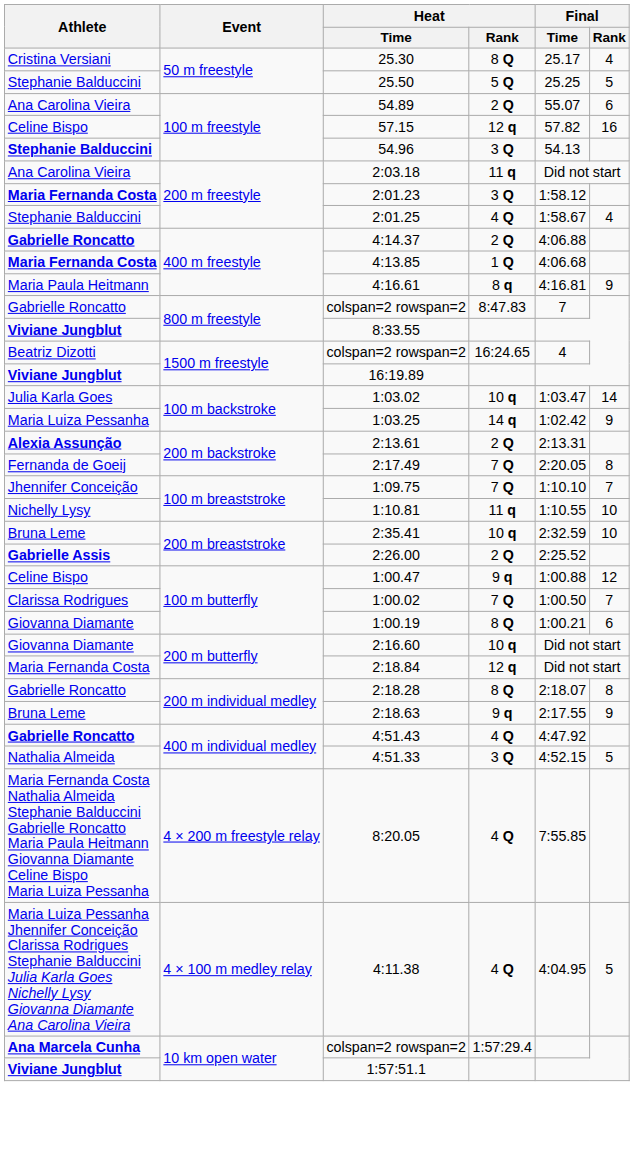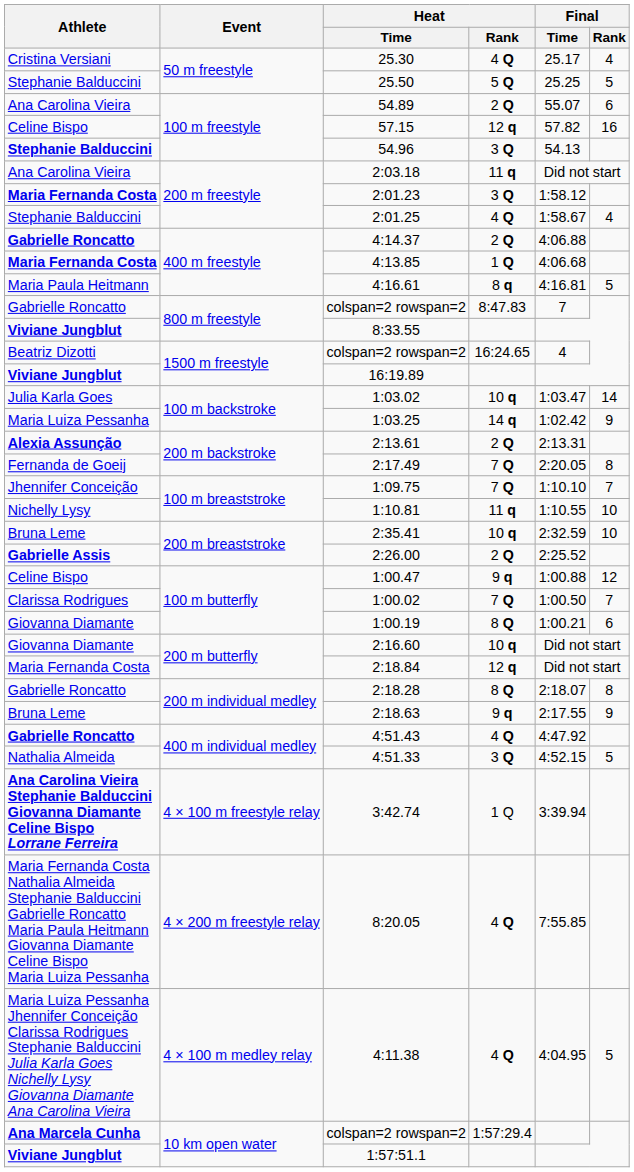 <table class=wikitable style=font-size:90%;text-align:center>
 <tr>
 <th rowspan=2>Athlete</th>
 <th rowspan=2>Event</th>
 <th colspan=2>Heat</th>
 <th colspan=2>Final</th>
 </tr>
 <tr style=font-size:95%>
 <th>Time</th>
 <th>Rank</th>
 <th>Time</th>
 <th>Rank</th>
 </tr>
 <tr>
 <td align=left><a href='#'>Cristina Versiani</a></td>
 <td align=left rowspan=2><a href='#'>50 m freestyle</a></td>
 <td>25.30</td>
-<td>8 <strong>Q</strong></td>
+<td>4 <strong>Q</strong></td>
 <td>25.17</td>
 <td>4</td>
 </tr>
 <tr>
 <td align=left><a href='#'>Stephanie Balduccini</a></td>
 <td>25.50</td>
 <td>5 <strong>Q</strong></td>
 <td>25.25</td>
 <td>5</td>
 </tr>
 <tr>
 <td align=left><a href='#'>Ana Carolina Vieira</a></td>
 <td align=left rowspan=3><a href='#'>100 m freestyle</a></td>
 <td>54.89</td>
 <td>2 <strong>Q</strong></td>
 <td>55.07</td>
 <td>6</td>
 </tr>
 <tr>
 <td align=left><a href='#'>Celine Bispo</a></td>
 <td>57.15</td>
 <td>12 <strong>q</strong></td>
 <td>57.82</td>
 <td>16</td>
 </tr>
 <tr>
 <td align=left><strong><a href='#'>Stephanie Balduccini</a></strong></td>
 <td>54.96</td>
 <td>3 <strong>Q</strong></td>
 <td>54.13</td>
 <td></td>
 </tr>
 <tr>
 <td align=left><a href='#'>Ana Carolina Vieira</a></td>
 <td align=left rowspan=3><a href='#'>200 m freestyle</a></td>
 <td>2:03.18</td>
 <td>11 <strong>q</strong></td>
 <td colspan=2>Did not start</td>
 </tr>
 <tr>
 <td align=left><strong><a href='#'>Maria Fernanda Costa</a></strong></td>
 <td>2:01.23</td>
 <td>3 <strong>Q</strong></td>
 <td>1:58.12</td>
 <td></td>
 </tr>
 <tr>
 <td align=left><a href='#'>Stephanie Balduccini</a></td>
 <td>2:01.25</td>
 <td>4 <strong>Q</strong></td>
 <td>1:58.67</td>
 <td>4</td>
 </tr>
 <tr>
 <td align=left><strong><a href='#'>Gabrielle Roncatto</a></strong></td>
 <td align=left rowspan=3><a href='#'>400 m freestyle</a></td>
 <td>4:14.37</td>
 <td>2 <strong>Q</strong></td>
 <td>4:06.88</td>
 <td></td>
 </tr>
 <tr>
 <td align=left><strong><a href='#'>Maria Fernanda Costa</a></strong></td>
 <td>4:13.85</td>
 <td>1 <strong>Q</strong></td>
 <td>4:06.68</td>
 <td></td>
 </tr>
 <tr>
 <td align=left><a href='#'>Maria Paula Heitmann</a></td>
 <td>4:16.61</td>
 <td>8 <strong>q</strong></td>
 <td>4:16.81</td>
-<td>9</td>
+<td>5</td>
 </tr>
 <tr>
 <td align=left><a href='#'>Gabrielle Roncatto</a></td>
 <td align=left rowspan=2><a href='#'>800 m freestyle</a></td>
 <td>colspan=2 rowspan=2 </td>
 <td>8:47.83</td>
 <td>7</td>
 </tr>
 <tr>
 <td align=left><strong><a href='#'>Viviane Jungblut</a></strong></td>
 <td>8:33.55</td>
 <td></td>
 </tr>
 <tr>
 <td align=left><a href='#'>Beatriz Dizotti</a></td>
 <td align=left rowspan=2><a href='#'>1500 m freestyle</a></td>
 <td>colspan=2 rowspan=2 </td>
 <td>16:24.65</td>
 <td>4</td>
 </tr>
 <tr>
 <td align=left><strong><a href='#'>Viviane Jungblut</a></strong></td>
 <td>16:19.89</td>
 <td></td>
 </tr>
 <tr>
 <td align=left><a href='#'>Julia Karla Goes</a></td>
 <td align=left rowspan=2><a href='#'>100 m backstroke</a></td>
 <td>1:03.02</td>
 <td>10 <strong>q</strong></td>
 <td>1:03.47</td>
 <td>14</td>
 </tr>
 <tr>
 <td align=left><a href='#'>Maria Luiza Pessanha</a></td>
 <td>1:03.25</td>
 <td>14 <strong>q</strong></td>
 <td>1:02.42</td>
 <td>9</td>
 </tr>
 <tr>
 <td align=left><strong><a href='#'>Alexia Assunção</a></strong></td>
 <td align=left rowspan=2><a href='#'>200 m backstroke</a></td>
 <td>2:13.61</td>
 <td>2 <strong>Q</strong></td>
 <td>2:13.31</td>
 <td></td>
 </tr>
 <tr>
 <td align=left><a href='#'>Fernanda de Goeij</a></td>
 <td>2:17.49</td>
 <td>7 <strong>Q</strong></td>
 <td>2:20.05</td>
 <td>8</td>
 </tr>
 <tr>
 <td align=left><a href='#'>Jhennifer Conceição</a></td>
 <td align=left rowspan=2><a href='#'>100 m breaststroke</a></td>
 <td>1:09.75</td>
 <td>7 <strong>Q</strong></td>
 <td>1:10.10</td>
 <td>7</td>
 </tr>
 <tr>
 <td align=left><a href='#'>Nichelly Lysy</a></td>
 <td>1:10.81</td>
 <td>11 <strong>q</strong></td>
 <td>1:10.55</td>
 <td>10</td>
 </tr>
 <tr>
 <td align=left><a href='#'>Bruna Leme</a></td>
 <td align=left rowspan=2><a href='#'>200 m breaststroke</a></td>
 <td>2:35.41</td>
 <td>10 <strong>q</strong></td>
 <td>2:32.59</td>
 <td>10</td>
 </tr>
 <tr>
 <td align=left><strong><a href='#'>Gabrielle Assis</a></strong></td>
 <td>2:26.00</td>
 <td>2 <strong>Q</strong></td>
 <td>2:25.52</td>
 <td></td>
 </tr>
 <tr>
 <td align=left><a href='#'>Celine Bispo</a></td>
 <td align=left rowspan=3><a href='#'>100 m butterfly</a></td>
 <td>1:00.47</td>
 <td>9 <strong>q</strong></td>
 <td>1:00.88</td>
 <td>12</td>
 </tr>
 <tr>
 <td align=left><a href='#'>Clarissa Rodrigues</a></td>
 <td>1:00.02</td>
 <td>7 <strong>Q</strong></td>
 <td>1:00.50</td>
 <td>7</td>
 </tr>
 <tr>
 <td align=left><a href='#'>Giovanna Diamante</a></td>
 <td>1:00.19</td>
 <td>8 <strong>Q</strong></td>
 <td>1:00.21</td>
 <td>6</td>
 </tr>
 <tr>
 <td align=left><a href='#'>Giovanna Diamante</a></td>
 <td align=left rowspan=2><a href='#'>200 m butterfly</a></td>
 <td>2:16.60</td>
 <td>10 <strong>q</strong></td>
 <td colspan=2>Did not start</td>
 </tr>
 <tr>
 <td align=left><a href='#'>Maria Fernanda Costa</a></td>
 <td>2:18.84</td>
 <td>12 <strong>q</strong></td>
 <td colspan=2>Did not start</td>
 </tr>
 <tr>
 <td align=left><a href='#'>Gabrielle Roncatto</a></td>
 <td align=left rowspan=2><a href='#'>200 m individual medley</a></td>
 <td>2:18.28</td>
 <td>8 <strong>Q</strong></td>
 <td>2:18.07</td>
 <td>8</td>
 </tr>
 <tr>
 <td align=left><a href='#'>Bruna Leme</a></td>
 <td>2:18.63</td>
 <td>9 <strong>q</strong></td>
 <td>2:17.55</td>
 <td>9</td>
 </tr>
 <tr>
 <td align=left><strong><a href='#'>Gabrielle Roncatto</a></strong></td>
 <td align=left rowspan=2><a href='#'>400 m individual medley</a></td>
 <td>4:51.43</td>
 <td>4 <strong>Q</strong></td>
 <td>4:47.92</td>
 <td></td>
 </tr>
 <tr>
 <td align=left><a href='#'>Nathalia Almeida</a></td>
 <td>4:51.33</td>
 <td>3 <strong>Q</strong></td>
 <td>4:52.15</td>
 <td>5</td>
 </tr>
 <tr>
+<td align=left><strong><a href='#'>Ana Carolina Vieira</a><br><a href='#'>Stephanie Balduccini</a><br><a href='#'>Giovanna Diamante</a><br><a href='#'>Celine Bispo</a><br><em><a href='#'>Lorrane Ferreira</a><strong><em></td>
+<td align=left><a href='#'>4 × 100 m freestyle relay</a></td>
+<td>3:42.74</td>
+<td>1 </strong>Q<strong></td>
+<td>3:39.94</td>
+<td></td>
+</tr>
+<tr>
 <td align=left></strong><a href='#'>Maria Fernanda Costa</a><br><a href='#'>Nathalia Almeida</a><br><a href='#'>Stephanie Balduccini</a><br><a href='#'>Gabrielle Roncatto</a><br></em><a href='#'>Maria Paula Heitmann</a><em><br></em><a href='#'>Giovanna Diamante</a><em><br></em><a href='#'>Celine Bispo</a><em><br></em><a href='#'>Maria Luiza Pessanha</a></em></strong></td>
 <td align=left><a href='#'>4 × 200 m freestyle relay</a></td>
 <td>8:20.05</td>
 <td>4 <strong>Q</strong></td>
 <td>7:55.85</td>
 <td></td>
 </tr>
 <tr>
 <td align=left><a href='#'>Maria Luiza Pessanha</a><br><a href='#'>Jhennifer Conceição</a><br><a href='#'>Clarissa Rodrigues</a><br><a href='#'>Stephanie Balduccini</a><br><em><a href='#'>Julia Karla Goes</a></em><br><em><a href='#'>Nichelly Lysy</a></em><br><em><a href='#'>Giovanna Diamante</a></em><br><em><a href='#'>Ana Carolina Vieira</a></em></td>
 <td align=left><a href='#'>4 × 100 m medley relay</a></td>
 <td>4:11.38</td>
 <td>4 <strong>Q</strong></td>
 <td>4:04.95</td>
 <td>5</td>
 </tr>
 <tr>
 <td align=left><strong><a href='#'>Ana Marcela Cunha</a></strong></td>
 <td align=left rowspan=2><a href='#'>10 km open water</a></td>
 <td>colspan=2 rowspan=2 </td>
 <td>1:57:29.4</td>
 <td></td>
 </tr>
 <tr>
 <td align=left><strong><a href='#'>Viviane Jungblut</a></strong></td>
 <td>1:57:51.1</td>
 <td></td>
 </tr>
 </table>
